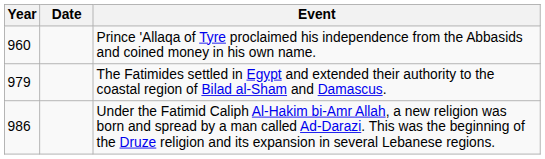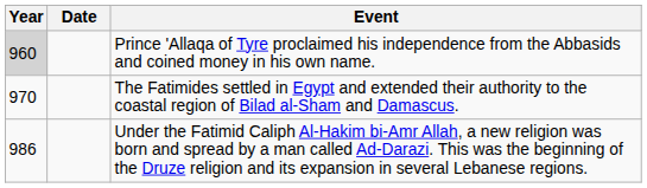 <table class="wikitable" width="100%">
 <tr>
 <th style="width:6%">Year</th>
 <th style="width:10%">Date</th>
 <th>Event</th>
 </tr>
 <tr>
-<td>960</td>
+<td style="background: lightgrey;">960</td>
 <td></td>
 <td>Prince 'Allaqa of <a href='#'>Tyre</a> proclaimed his independence from the Abbasids and coined money in his own name.</td>
 </tr>
 <tr>
-<td>979</td>
+<td>970</td>
 <td></td>
 <td>The Fatimides settled in <a href='#'>Egypt</a> and extended their authority to the coastal region of <a href='#'>Bilad al-Sham</a> and <a href='#'>Damascus</a>.</td>
 </tr>
 <tr>
 <td>986</td>
 <td></td>
 <td>Under the Fatimid Caliph <a href='#'>Al-Hakim bi-Amr Allah</a>, a new religion was born and spread by a man called <a href='#'>Ad-Darazi</a>. This was the beginning of the <a href='#'>Druze</a> religion and its expansion in several Lebanese regions.</td>
 </tr>
 </table>
